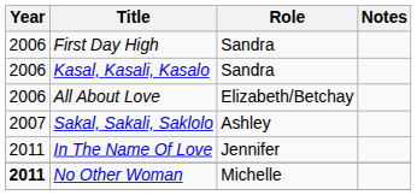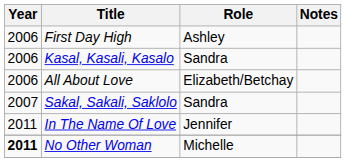 <table class="wikitable sortable">
 <tr>
 <th>Year</th>
 <th>Title</th>
 <th>Role</th>
 <th class="unsortable">Notes</th>
 </tr>
 <tr>
 <td>2006</td>
 <td><em>First Day High</em></td>
-<td>Sandra</td>
+<td>Ashley</td>
 <td></td>
 </tr>
 <tr>
 <td>2006</td>
 <td><em><a href='#'>Kasal, Kasali, Kasalo</a></em></td>
 <td>Sandra</td>
 <td></td>
 </tr>
 <tr>
 <td>2006</td>
 <td><em>All About Love</em></td>
 <td>Elizabeth/Betchay</td>
 <td></td>
 </tr>
 <tr>
 <td>2007</td>
 <td><em><a href='#'>Sakal, Sakali, Saklolo</a></em></td>
-<td>Ashley</td>
+<td>Sandra</td>
 <td></td>
 </tr>
 <tr>
 <td>2011</td>
 <td><em><a href='#'>In The Name Of Love</a></em></td>
 <td>Jennifer</td>
 <td></td>
 </tr>
 <tr>
 </tr>
 <tr>
 <td><strong>2011</strong></td>
 <td><em><a href='#'>No Other Woman</a></em></td>
 <td>Michelle</td>
 <td></td>
 </tr>
 <tr>
 </tr>
 </table>
